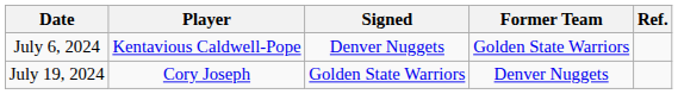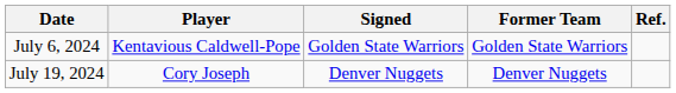 <table class="wikitable sortable sortable" style="text-align: center">
 <tr>
 <th>Date</th>
 <th>Player</th>
 <th>Signed</th>
 <th>Former Team</th>
 <th>Ref.</th>
 </tr>
 <tr>
 <td>July 6, 2024</td>
 <td><a href='#'>Kentavious Caldwell-Pope</a></td>
-<td><a href='#'>Denver Nuggets</a></td>
+<td><a href='#'>Golden State Warriors</a></td>
 <td><a href='#'>Golden State Warriors</a></td>
 <td></td>
 </tr>
 <tr>
 <td>July 19, 2024</td>
 <td><a href='#'>Cory Joseph</a></td>
-<td><a href='#'>Golden State Warriors</a></td>
+<td><a href='#'>Denver Nuggets</a></td>
 <td><a href='#'>Denver Nuggets</a></td>
 <td></td>
 </tr>
 </table>
